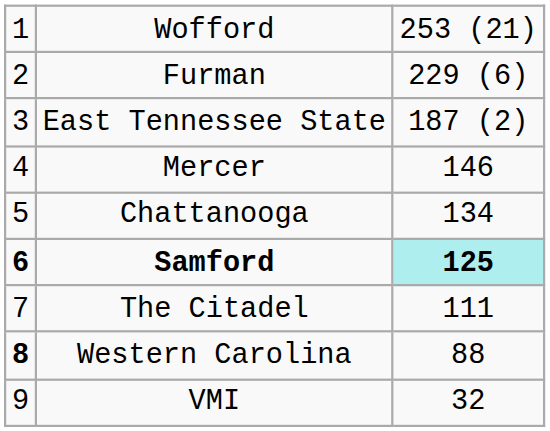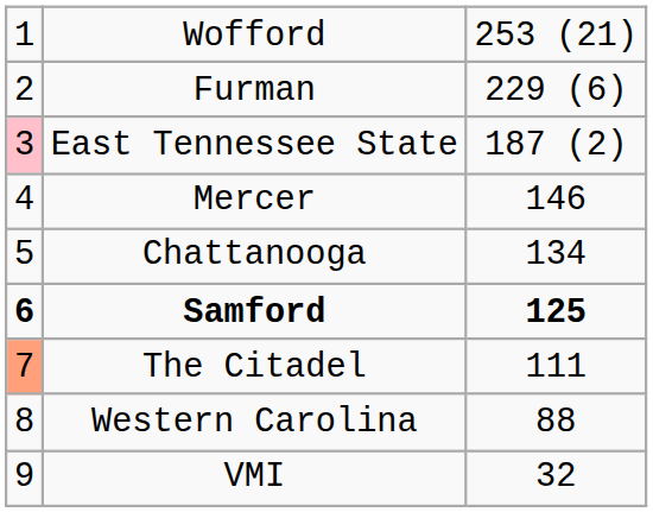 <table class="wikitable" style="display: inline-table;">
 <tr align="center">
 <td>1</td>
 <td>Wofford</td>
 <td>253 (21)</td>
 </tr>
 <tr align="center">
 <td>2</td>
 <td>Furman</td>
 <td>229 (6)</td>
 </tr>
 <tr align="center">
-<td>3</td>
+<td style="background: pink;">3</td>
 <td>East Tennessee State</td>
 <td>187 (2)</td>
 </tr>
 <tr align="center">
 <td>4</td>
 <td>Mercer</td>
 <td>146</td>
 </tr>
 <tr align="center">
 <td>5</td>
 <td>Chattanooga</td>
 <td>134</td>
 </tr>
 <tr align="center">
 <td><strong>6</strong></td>
 <td><strong>Samford</strong></td>
-<td style="background: paleturquoise;"><strong>125</strong></td>
+<td><strong>125</strong></td>
 </tr>
 <tr align="center">
-<td>7</td>
+<td style="background: lightsalmon;">7</td>
 <td>The Citadel</td>
 <td>111</td>
 </tr>
 <tr align="center">
-<td><strong>8</strong></td>
+<td>8</td>
 <td>Western Carolina</td>
 <td>88</td>
 </tr>
 <tr align="center">
 <td>9</td>
 <td>VMI</td>
 <td>32</td>
 </tr>
 </table>
